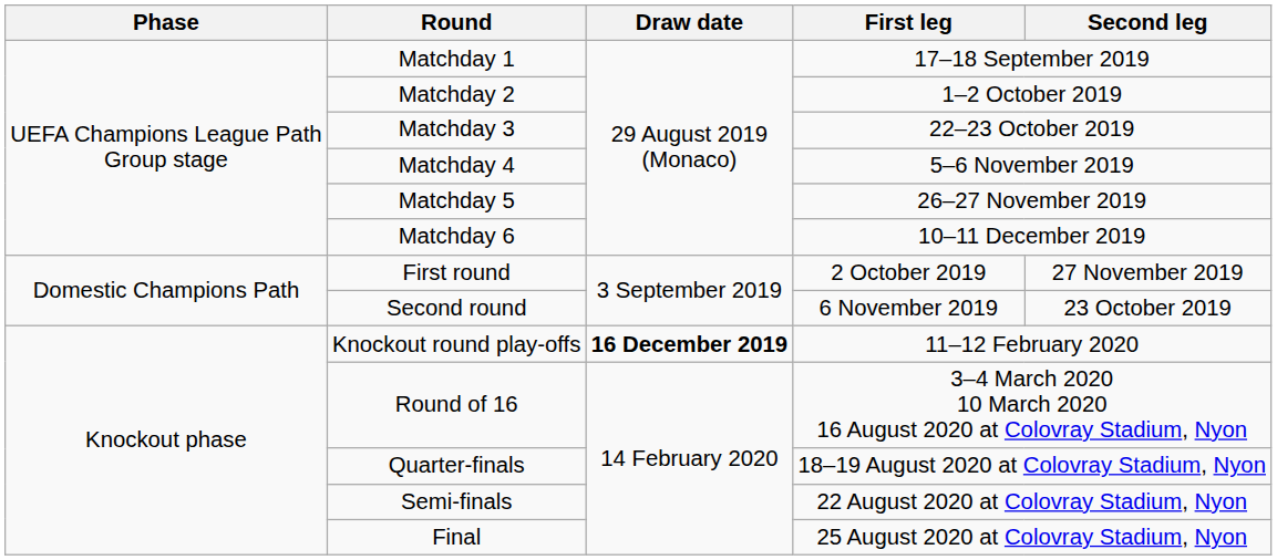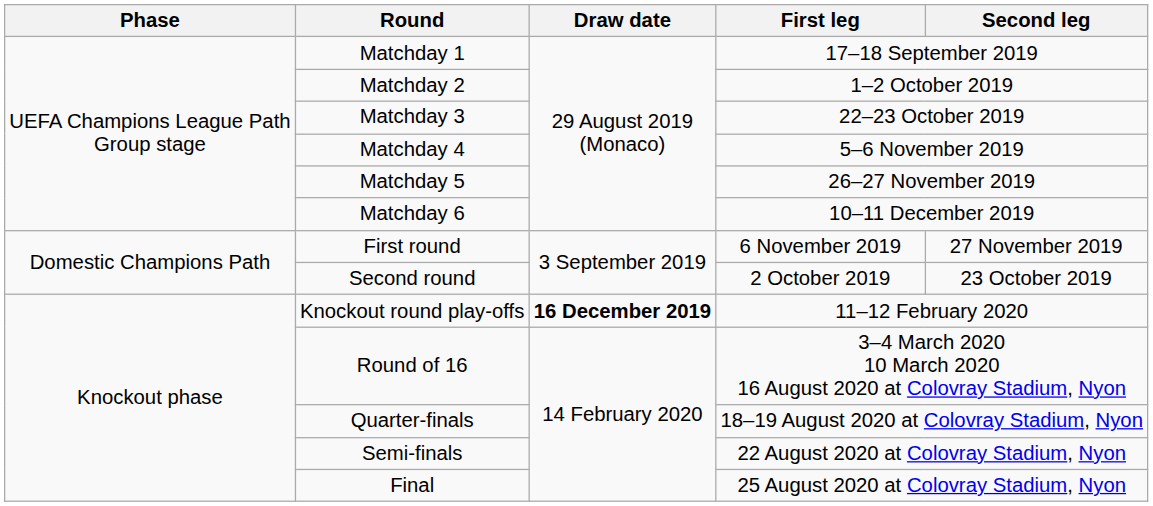 <table class="wikitable" style="text-align:center">
 <tr>
 <th>Phase</th>
 <th>Round</th>
 <th>Draw date</th>
 <th>First leg</th>
 <th>Second leg</th>
 </tr>
 <tr>
 <td rowspan=6>UEFA Champions League Path<br>Group stage</td>
 <td>Matchday 1</td>
 <td rowspan=6>29 August 2019<br>(Monaco)</td>
 <td colspan=2>17–18 September 2019</td>
 </tr>
 <tr>
 <td>Matchday 2</td>
 <td colspan=2>1–2 October 2019</td>
 </tr>
 <tr>
 <td>Matchday 3</td>
 <td colspan=2>22–23 October 2019</td>
 </tr>
 <tr>
 <td>Matchday 4</td>
 <td colspan=2>5–6 November 2019</td>
 </tr>
 <tr>
 <td>Matchday 5</td>
 <td colspan=2>26–27 November 2019</td>
 </tr>
 <tr>
 <td>Matchday 6</td>
 <td colspan=2>10–11 December 2019</td>
 </tr>
 <tr>
 <td rowspan=2>Domestic Champions Path</td>
 <td>First round</td>
 <td rowspan=2>3 September 2019</td>
-<td>2 October 2019</td>
+<td>6 November 2019</td>
 <td>27 November 2019</td>
 </tr>
 <tr>
 <td>Second round</td>
-<td>6 November 2019</td>
+<td>2 October 2019</td>
 <td>23 October 2019</td>
 </tr>
 <tr>
 <td rowspan=5>Knockout phase</td>
 <td>Knockout round play-offs</td>
 <td><strong>16 December 2019</strong></td>
 <td colspan=2>11–12 February 2020</td>
 </tr>
 <tr>
 <td>Round of 16</td>
 <td rowspan=4>14 February 2020</td>
 <td colspan=2>3–4 March 2020<br>10 March 2020<br>16 August 2020 at <a href='#'>Colovray Stadium</a>, <a href='#'>Nyon</a></td>
 </tr>
 <tr>
 <td>Quarter-finals</td>
 <td colspan=2>18–19 August 2020 at <a href='#'>Colovray Stadium</a>, <a href='#'>Nyon</a></td>
 </tr>
 <tr>
 <td>Semi-finals</td>
 <td colspan=2>22 August 2020 at <a href='#'>Colovray Stadium</a>, <a href='#'>Nyon</a></td>
 </tr>
 <tr>
 <td>Final</td>
 <td colspan=2>25 August 2020 at <a href='#'>Colovray Stadium</a>, <a href='#'>Nyon</a></td>
 </tr>
 </table>
